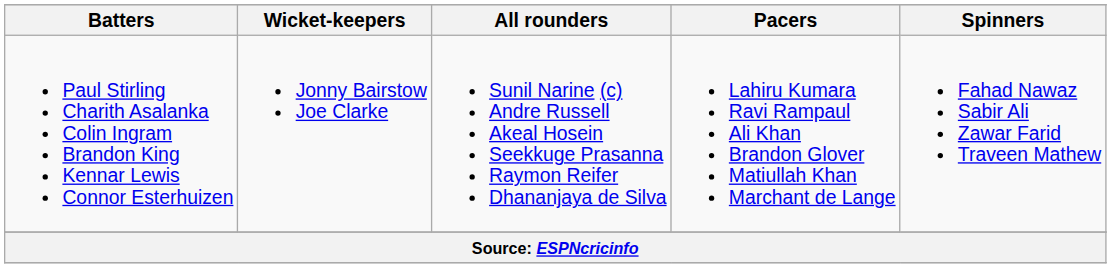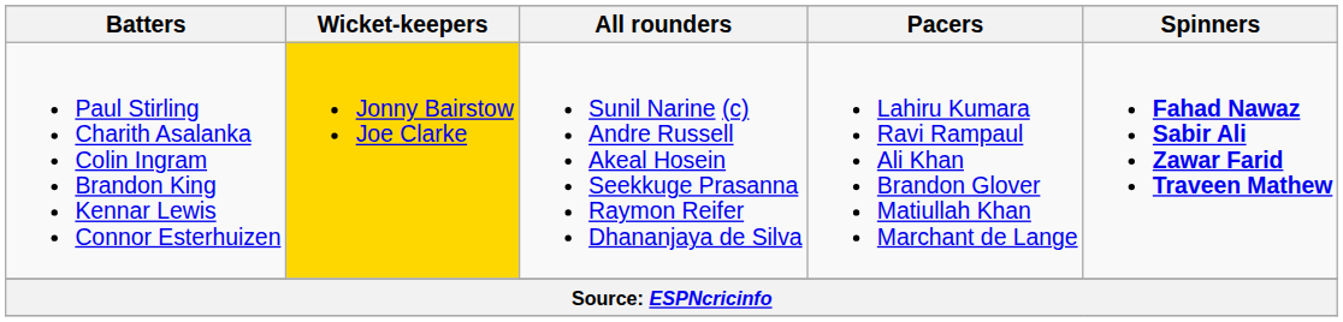 <table class="wikitable" style="text-align:left;font-size:91%;">
 <tr>
 </tr>
 <tr class="sortbottom">
 <th style="text-align: center">Batters</th>
 <th style="text-align: center">Wicket-keepers</th>
 <th style="text-align: center">All rounders</th>
 <th style="text-align: center">Pacers</th>
 <th style="text-align: center">Spinners</th>
 </tr>
 <tr>
 <td valign="top"><br><ul><li> <a href='#'>Paul Stirling</a></li><li> <a href='#'>Charith Asalanka</a></li><li> <a href='#'>Colin Ingram</a></li><li> <a href='#'>Brandon King</a></li><li> <a href='#'>Kennar Lewis</a></li><li> <a href='#'>Connor Esterhuizen</a></li></ul></td>
-<td valign="top"><br><ul><li> <a href='#'>Jonny Bairstow</a></li><li> <a href='#'>Joe Clarke</a></li></ul></td>
+<td valign="top" style="background: gold;"><br><ul><li> <a href='#'>Jonny Bairstow</a></li><li> <a href='#'>Joe Clarke</a></li></ul></td>
 <td valign="top"><br><ul><li> <a href='#'>Sunil Narine</a> <a href='#'>(c)</a></li><li> <a href='#'>Andre Russell</a></li><li> <a href='#'>Akeal Hosein</a></li><li> <a href='#'>Seekkuge Prasanna</a></li><li> <a href='#'>Raymon Reifer</a></li><li> <a href='#'>Dhananjaya de Silva</a></li></ul></td>
 <td valign="top"><br><ul><li> <a href='#'>Lahiru Kumara</a></li><li> <a href='#'>Ravi Rampaul</a></li><li> <a href='#'>Ali Khan</a></li><li> <a href='#'>Brandon Glover</a></li><li> <a href='#'>Matiullah Khan</a></li><li> <a href='#'>Marchant de Lange</a></li></ul></td>
-<td valign="top"><br><ul><li> <a href='#'>Fahad Nawaz</a></li><li> <a href='#'>Sabir Ali</a></li><li> <a href='#'>Zawar Farid</a></li><li> <a href='#'>Traveen Mathew</a></li></ul></td>
+<td valign="top"><strong><br><ul><li> <a href='#'>Fahad Nawaz</a></li><li> <a href='#'>Sabir Ali</a></li><li> <a href='#'>Zawar Farid</a></li><li> <a href='#'>Traveen Mathew</a></li></ul></strong></td>
 </tr>
 <tr>
 </tr>
 <tr class="sortbottom">
 <th style="text-align: center" colspan=6><small>Source: <em><a href='#'>ESPNcricinfo</a></em></small></th>
 </tr>
 <tr>
 </tr>
 </table>
